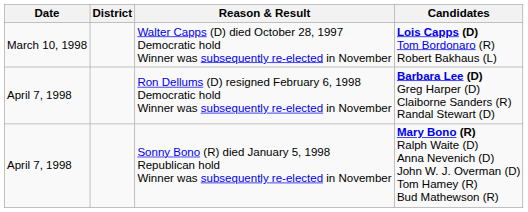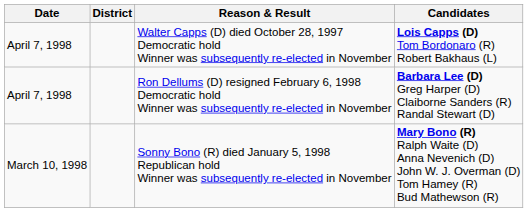 <table class=wikitable>
 <tr>
 <th>Date</th>
 <th>District</th>
 <th>Reason & Result</th>
 <th>Candidates</th>
 </tr>
 <tr>
-<td>March 10, 1998</td>
+<td>April 7, 1998</td>
 <td></td>
 <td><a href='#'>Walter Capps</a> (D) died October 28, 1997<br>Democratic hold<br>Winner was <a href='#'>subsequently re-elected</a> in November</td>
 <td><strong><a href='#'>Lois Capps</a> (D)</strong><br><a href='#'>Tom Bordonaro</a> (R)<br>Robert Bakhaus (L)</td>
 </tr>
 <tr>
 <td>April 7, 1998</td>
 <td></td>
 <td><a href='#'>Ron Dellums</a> (D) resigned February 6, 1998<br>Democratic hold<br>Winner was <a href='#'>subsequently re-elected</a> in November</td>
 <td><strong><a href='#'>Barbara Lee</a> (D)</strong><br>Greg Harper (D)<br>Claiborne Sanders (R)<br>Randal Stewart (D)</td>
 </tr>
 <tr>
-<td>April 7, 1998</td>
+<td>March 10, 1998</td>
 <td></td>
 <td><a href='#'>Sonny Bono</a> (R) died January 5, 1998<br>Republican hold<br>Winner was <a href='#'>subsequently re-elected</a> in November</td>
 <td><strong><a href='#'>Mary Bono</a> (R)</strong><br>Ralph Waite (D)<br>Anna Nevenich (D)<br>John W. J. Overman (D)<br>Tom Hamey (R)<br>Bud Mathewson (R)</td>
 </tr>
 </table>
